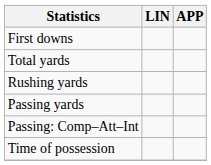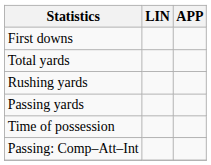 <table class="wikitable" style="float: left;">
 <tr>
 <th>Statistics</th>
 <th>LIN</th>
 <th>APP</th>
 </tr>
 <tr>
 <td>First downs</td>
 <td></td>
 <td></td>
 </tr>
 <tr>
 <td>Total yards</td>
 <td></td>
 <td></td>
 </tr>
 <tr>
 <td>Rushing yards</td>
 <td></td>
 <td></td>
 </tr>
 <tr>
 <td>Passing yards</td>
 <td></td>
 <td></td>
 </tr>
 <tr>
-<td>Passing: Comp–Att–Int</td>
+<td>Time of possession</td>
 <td></td>
 <td></td>
 </tr>
 <tr>
-<td>Time of possession</td>
+<td>Passing: Comp–Att–Int</td>
 <td></td>
 <td></td>
 </tr>
 <tr>
 </tr>
 </table>
